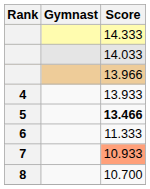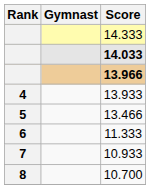 <table class="wikitable sortable" style="text-align:center; font-size:95%">
 <tr>
 <th scope=col>Rank</th>
 <th scope=col>Gymnast</th>
 <th scope=col>Score</th>
 </tr>
 <tr bgcolor=fffcaf>
 <th scope=row style="text-align:center"></th>
 <td align=left></td>
 <td>14.333</td>
 </tr>
 <tr bgcolor=e5e5e5>
 <th scope=row style="text-align:center"></th>
 <td align=left></td>
-<td>14.033</td>
+<td><strong>14.033</strong></td>
 </tr>
 <tr bgcolor=eecc99>
 <th scope=row style="text-align:center"></th>
 <td align=left></td>
-<td>13.966</td>
+<td><strong>13.966</strong></td>
 </tr>
 <tr>
 <th scope=row style="text-align:center">4</th>
 <td align=left></td>
 <td>13.933</td>
 </tr>
 <tr>
 <th scope=row style="text-align:center">5</th>
 <td align=left></td>
-<td><strong>13.466</strong></td>
+<td>13.466</td>
 </tr>
 <tr>
 <th scope=row style="text-align:center">6</th>
 <td align=left></td>
 <td>11.333</td>
 </tr>
 <tr>
 <th scope=row style="text-align:center">7</th>
 <td align=left></td>
-<td style="background: lightsalmon;">10.933</td>
+<td>10.933</td>
 </tr>
 <tr>
 <th scope=row style="text-align:center">8</th>
 <td align=left></td>
 <td>10.700</td>
 </tr>
 <tr>
 </tr>
 </table>
